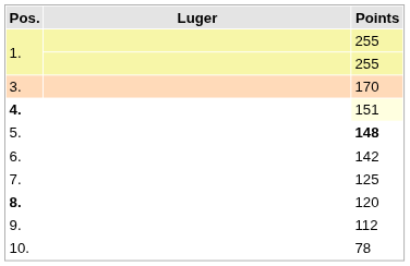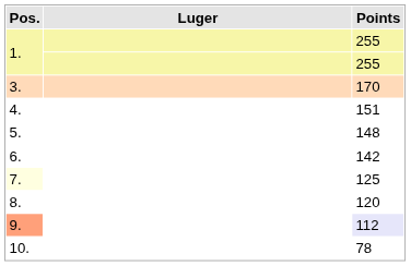 <table cellspacing="1" cellpadding="3" style="border:1px solid #aaa; font-size:90%;">
 <tr style="background:#e4e4e4;">
 <th style="width:10px;">Pos.</th>
 <th style="width:300px;">Luger</th>
 <th style="width:45px;">Points</th>
 </tr>
 <tr style="background:#f7f6a8;">
 <td rowspan=2>1.</td>
 <td align="left"><strong></strong></td>
 <td>255</td>
 </tr>
 <tr style="background:#f7f6a8;">
 <td align="left"><strong></strong></td>
 <td>255</td>
 </tr>
 <tr style="background:#ffdab9;">
 <td>3.</td>
 <td align="left"></td>
 <td>170</td>
 </tr>
 <tr>
-<td><strong>4.</strong></td>
+<td>4.</td>
 <td align="left"></td>
-<td style="background: lightyellow;">151</td>
+<td>151</td>
 </tr>
 <tr>
 <td>5.</td>
 <td align="left"></td>
-<td><strong>148</strong></td>
+<td>148</td>
 </tr>
 <tr>
 <td>6.</td>
 <td align="left"></td>
 <td>142</td>
 </tr>
 <tr>
-<td>7.</td>
+<td style="background: lightyellow;">7.</td>
 <td align="left"></td>
 <td>125</td>
 </tr>
 <tr>
-<td><strong>8.</strong></td>
+<td>8.</td>
 <td align="left"></td>
 <td>120</td>
 </tr>
 <tr>
-<td>9.</td>
+<td style="background: lightsalmon;">9.</td>
 <td align="left"></td>
-<td>112</td>
+<td style="background: lavender;">112</td>
 </tr>
 <tr>
 <td>10.</td>
 <td align="left"></td>
 <td>78</td>
 </tr>
 </table>
